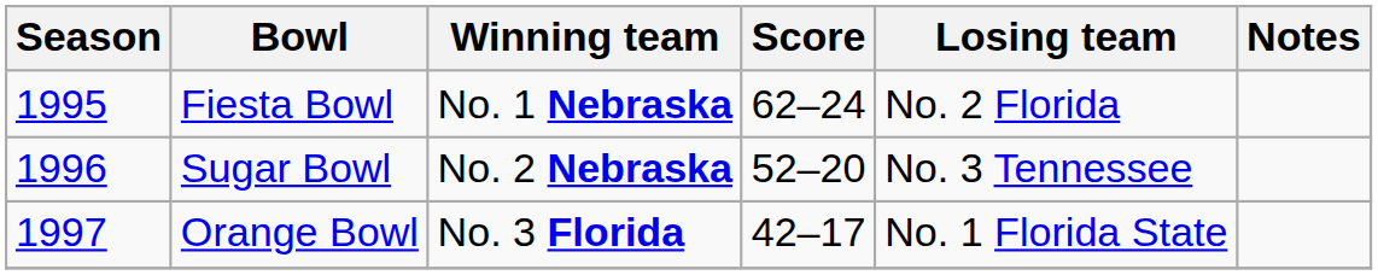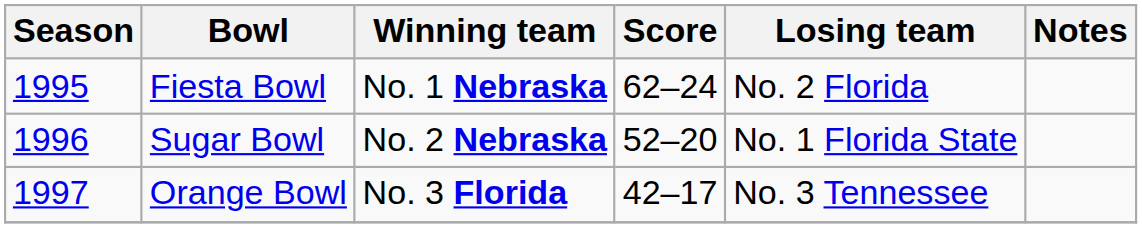 <table class="wikitable sortable">
 <tr>
 <th width=px>Season</th>
 <th width=px>Bowl</th>
 <th width=px>Winning team</th>
 <th width=px>Score</th>
 <th width=px>Losing team</th>
 <th width=px>Notes</th>
 </tr>
 <tr>
 <td><a href='#'>1995</a></td>
 <td><a href='#'>Fiesta Bowl</a></td>
 <td>No. 1 <strong><a href='#'>Nebraska</a></strong></td>
 <td>62–24</td>
 <td>No. 2 <a href='#'>Florida</a></td>
 <td></td>
 </tr>
 <tr>
 <td><a href='#'>1996</a></td>
 <td><a href='#'>Sugar Bowl</a></td>
 <td>No. 2 <strong><a href='#'>Nebraska</a></strong></td>
 <td>52–20</td>
-<td>No. 3 <a href='#'>Tennessee</a></td>
+<td>No. 1 <a href='#'>Florida State</a></td>
 <td></td>
 </tr>
 <tr>
 <td><a href='#'>1997</a></td>
 <td><a href='#'>Orange Bowl</a></td>
 <td>No. 3 <strong><a href='#'>Florida</a></strong></td>
 <td>42–17</td>
-<td>No. 1 <a href='#'>Florida State</a></td>
+<td>No. 3 <a href='#'>Tennessee</a></td>
 <td></td>
 </tr>
 <tr>
 </tr>
 </table>
